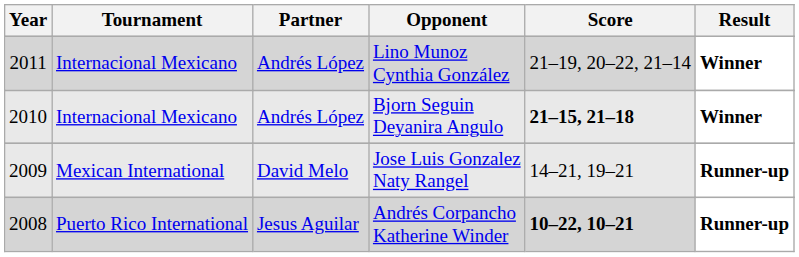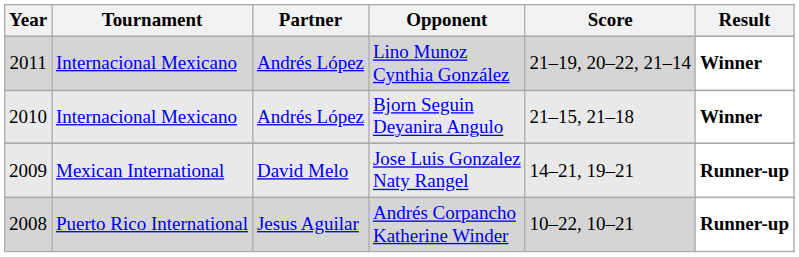 <table class="sortable wikitable" style="font-size: 90%;">
 <tr>
 <th>Year</th>
 <th>Tournament</th>
 <th>Partner</th>
 <th>Opponent</th>
 <th>Score</th>
 <th>Result</th>
 </tr>
 <tr>
 </tr>
 <tr style="background:#D5D5D5">
 <td align="center">2011</td>
 <td align="left"><a href='#'>Internacional Mexicano</a></td>
 <td align="left"> <a href='#'>Andrés López</a></td>
 <td align="left"> <a href='#'>Lino Munoz</a><br> <a href='#'>Cynthia González</a></td>
 <td align="left">21–19, 20–22, 21–14</td>
 <td style="text-align:left; background:white"> <strong>Winner</strong></td>
 </tr>
 <tr>
 </tr>
 <tr style="background:#E9E9E9">
 <td align="center">2010</td>
 <td align="left"><a href='#'>Internacional Mexicano</a></td>
 <td align="left"> <a href='#'>Andrés López</a></td>
 <td align="left"> <a href='#'>Bjorn Seguin</a><br> <a href='#'>Deyanira Angulo</a></td>
-<td align="left"><strong>21–15, 21–18</strong></td>
+<td align="left">21–15, 21–18</td>
 <td style="text-align:left; background:white"> <strong>Winner</strong></td>
 </tr>
 <tr>
 </tr>
 <tr style="background:#E9E9E9">
 <td align="center">2009</td>
 <td align="left"><a href='#'>Mexican International</a></td>
 <td align="left"> <a href='#'>David Melo</a></td>
 <td align="left"> <a href='#'>Jose Luis Gonzalez</a><br> <a href='#'>Naty Rangel</a></td>
 <td align="left">14–21, 19–21</td>
 <td style="text-align:left; background:white"> <strong>Runner-up</strong></td>
 </tr>
 <tr>
 </tr>
 <tr style="background:#D5D5D5">
 <td align="center">2008</td>
 <td align="left"><a href='#'>Puerto Rico International</a></td>
 <td align="left"> <a href='#'>Jesus Aguilar</a></td>
 <td align="left"> <a href='#'>Andrés Corpancho</a><br> <a href='#'>Katherine Winder</a></td>
-<td align="left"><strong>10–22, 10–21</strong></td>
+<td align="left">10–22, 10–21</td>
 <td style="text-align:left; background:white"> <strong>Runner-up</strong></td>
 </tr>
 </table>
